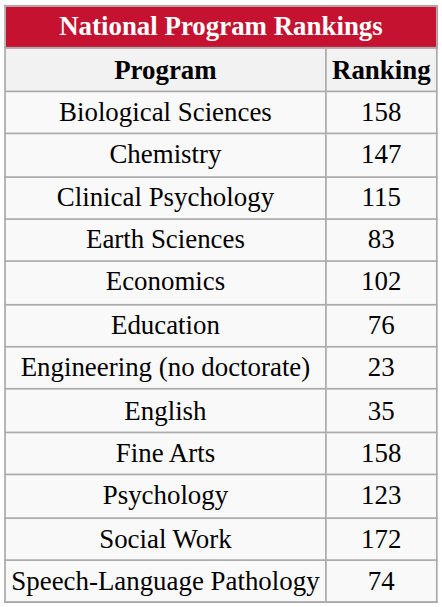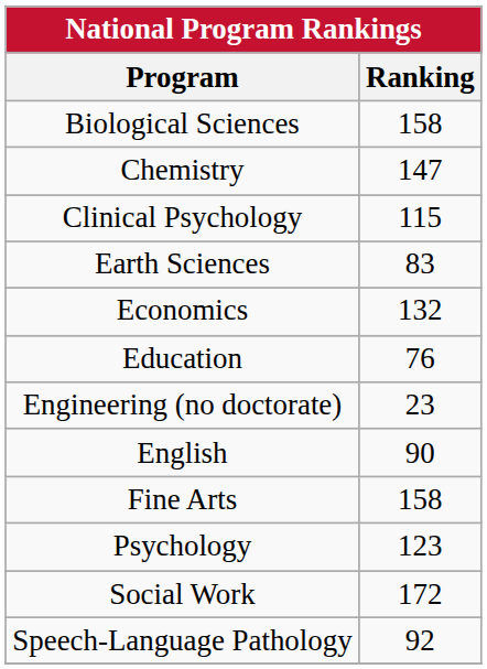 <table class="wikitable sortable collapsible collapsed" style="float:right; clear:right; text-align:center">
 <tr>
 <th colspan=4 style="background:#C41230; color:white; ">National Program Rankings</th>
 </tr>
 <tr>
 <th>Program</th>
 <th>Ranking</th>
 </tr>
 <tr>
 <td>Biological Sciences</td>
 <td>158</td>
 </tr>
 <tr>
 <td>Chemistry</td>
 <td>147</td>
 </tr>
 <tr>
 <td>Clinical Psychology</td>
 <td>115</td>
 </tr>
 <tr>
 <td>Earth Sciences</td>
 <td>83</td>
 </tr>
 <tr>
 <td>Economics</td>
-<td>102</td>
+<td>132</td>
 </tr>
 <tr>
 <td>Education</td>
 <td>76</td>
 </tr>
 <tr>
 <td>Engineering (no doctorate)</td>
 <td>23</td>
 </tr>
 <tr>
 <td>English</td>
-<td>35</td>
+<td>90</td>
 </tr>
 <tr>
 <td>Fine Arts</td>
 <td>158</td>
 </tr>
 <tr>
 <td>Psychology</td>
 <td>123</td>
 </tr>
 <tr>
 <td>Social Work</td>
 <td>172</td>
 </tr>
 <tr>
 <td>Speech-Language Pathology</td>
-<td>74</td>
+<td>92</td>
 </tr>
 <tr>
 </tr>
 </table>
